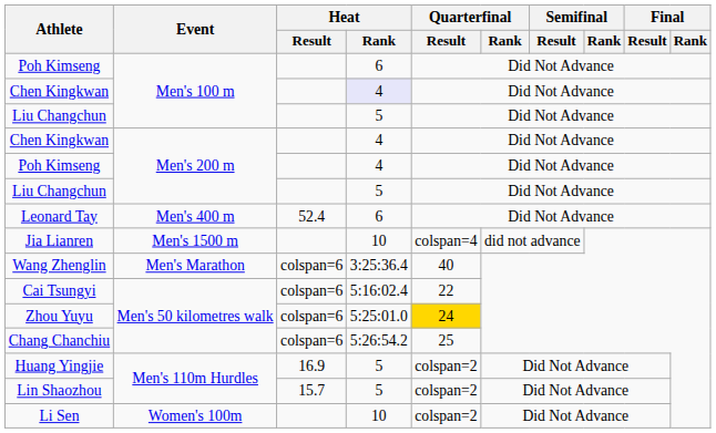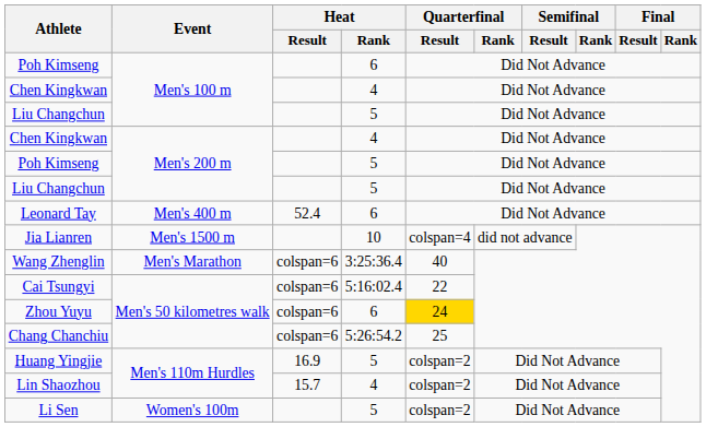 <table class="wikitable" style="font-size:90%">
 <tr>
 <th rowspan=2>Athlete</th>
 <th rowspan=2>Event</th>
 <th colspan=2>Heat</th>
 <th colspan=2>Quarterfinal</th>
 <th colspan=2>Semifinal</th>
 <th colspan=2>Final</th>
 </tr>
 <tr style="font-size:95%">
 <th>Result</th>
 <th>Rank</th>
 <th>Result</th>
 <th>Rank</th>
 <th>Result</th>
 <th>Rank</th>
 <th>Result</th>
 <th>Rank</th>
 </tr>
 <tr align=center>
 <td><a href='#'>Poh Kimseng</a></td>
 <td rowspan=3><a href='#'>Men's 100 m</a></td>
 <td></td>
 <td>6</td>
 <td colspan=6>Did Not Advance</td>
 </tr>
 <tr align=center>
 <td><a href='#'>Chen Kingkwan</a></td>
 <td></td>
-<td style="background: lavender;">4</td>
+<td>4</td>
 <td colspan=6>Did Not Advance</td>
 </tr>
 <tr align=center>
 <td><a href='#'>Liu Changchun</a></td>
 <td></td>
 <td>5</td>
 <td colspan=6>Did Not Advance</td>
 </tr>
 <tr align=center>
 <td><a href='#'>Chen Kingkwan</a></td>
 <td rowspan=3><a href='#'>Men's 200 m</a></td>
 <td></td>
 <td>4</td>
 <td colspan=6>Did Not Advance</td>
 </tr>
 <tr align=center>
 <td><a href='#'>Poh Kimseng</a></td>
 <td></td>
-<td>4</td>
+<td>5</td>
 <td colspan=6>Did Not Advance</td>
 </tr>
 <tr align=center>
 <td><a href='#'>Liu Changchun</a></td>
 <td></td>
 <td>5</td>
 <td colspan=6>Did Not Advance</td>
 </tr>
 <tr align=center>
 <td><a href='#'>Leonard Tay</a></td>
 <td><a href='#'>Men's 400 m</a></td>
 <td>52.4</td>
 <td>6</td>
 <td colspan=6>Did Not Advance</td>
 </tr>
 <tr align=center>
 <td><a href='#'>Jia Lianren</a></td>
 <td><a href='#'>Men's 1500 m</a></td>
 <td></td>
 <td>10</td>
 <td>colspan=4 </td>
 <td colspan=2>did not advance</td>
 </tr>
 <tr align=center>
 <td><a href='#'>Wang Zhenglin</a></td>
 <td><a href='#'>Men's Marathon</a></td>
 <td>colspan=6 </td>
 <td>3:25:36.4</td>
 <td>40</td>
 </tr>
 <tr align=center>
 <td><a href='#'>Cai Tsungyi</a></td>
 <td rowspan=3><a href='#'>Men's 50 kilometres walk</a></td>
 <td>colspan=6 </td>
 <td>5:16:02.4</td>
 <td>22</td>
 </tr>
 <tr align=center>
 <td><a href='#'>Zhou Yuyu</a></td>
 <td>colspan=6 </td>
-<td>5:25:01.0</td>
+<td>6</td>
 <td style="background: gold;">24</td>
 </tr>
 <tr align=center>
 <td><a href='#'>Chang Chanchiu</a></td>
 <td>colspan=6 </td>
 <td>5:26:54.2</td>
 <td>25</td>
 </tr>
 <tr align=center>
 <td><a href='#'>Huang Yingjie</a></td>
 <td rowspan=2><a href='#'>Men's 110m Hurdles</a></td>
 <td>16.9</td>
 <td>5</td>
 <td>colspan=2 </td>
 <td colspan=4>Did Not Advance</td>
 </tr>
 <tr align=center>
 <td><a href='#'>Lin Shaozhou</a></td>
 <td>15.7</td>
-<td>5</td>
+<td>4</td>
 <td>colspan=2 </td>
 <td colspan=4>Did Not Advance</td>
 </tr>
 <tr align=center>
 <td><a href='#'>Li Sen</a></td>
 <td><a href='#'>Women's 100m</a></td>
 <td></td>
-<td>10</td>
+<td>5</td>
 <td>colspan=2 </td>
 <td colspan=4>Did Not Advance</td>
 </tr>
 </table>
